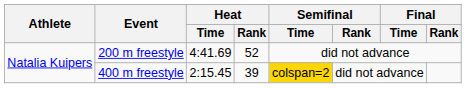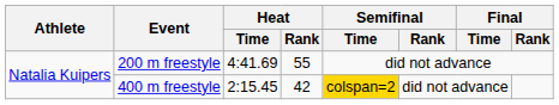 <table class="wikitable" style="text-align:center; font-size:90%">
 <tr>
 <th rowspan="2">Athlete</th>
 <th rowspan="2">Event</th>
 <th colspan="2">Heat</th>
 <th colspan="2">Semifinal</th>
 <th colspan="2">Final</th>
 </tr>
 <tr style="font-size:95%">
 <th>Time</th>
 <th>Rank</th>
 <th>Time</th>
 <th>Rank</th>
 <th>Time</th>
 <th>Rank</th>
 </tr>
 <tr>
 <td align=left rowspan=2><a href='#'>Natalia Kuipers</a></td>
 <td align=left><a href='#'>200 m freestyle</a></td>
 <td>4:41.69</td>
-<td>52</td>
+<td>55</td>
 <td colspan=4>did not advance</td>
 </tr>
 <tr>
 <td align=left><a href='#'>400 m freestyle</a></td>
 <td>2:15.45</td>
-<td>39</td>
+<td>42</td>
 <td style="background: gold;">colspan=2</td>
 <td colspan=2>did not advance</td>
 </tr>
 </table>
